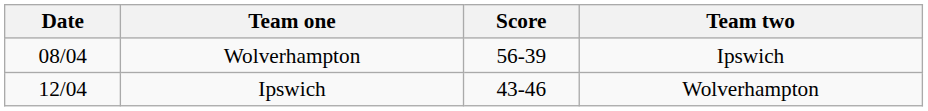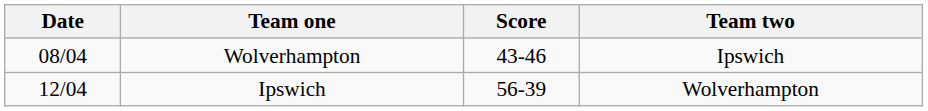 <table class="wikitable" style="text-align: center">
 <tr>
 <th width=80>Date</th>
 <th width=250>Team one</th>
 <th width=80>Score</th>
 <th width=250>Team two</th>
 </tr>
 <tr>
 <td>08/04</td>
 <td>Wolverhampton</td>
-<td>56-39</td>
+<td>43-46</td>
 <td>Ipswich</td>
 </tr>
 <tr>
 <td>12/04</td>
 <td>Ipswich</td>
-<td>43-46</td>
+<td>56-39</td>
 <td>Wolverhampton</td>
 </tr>
 </table>
